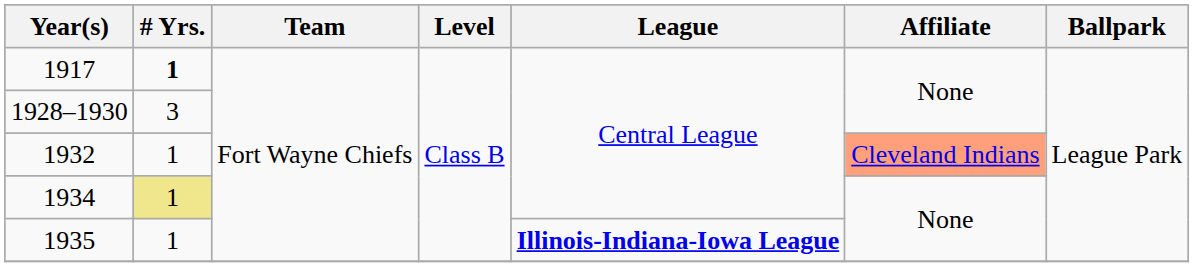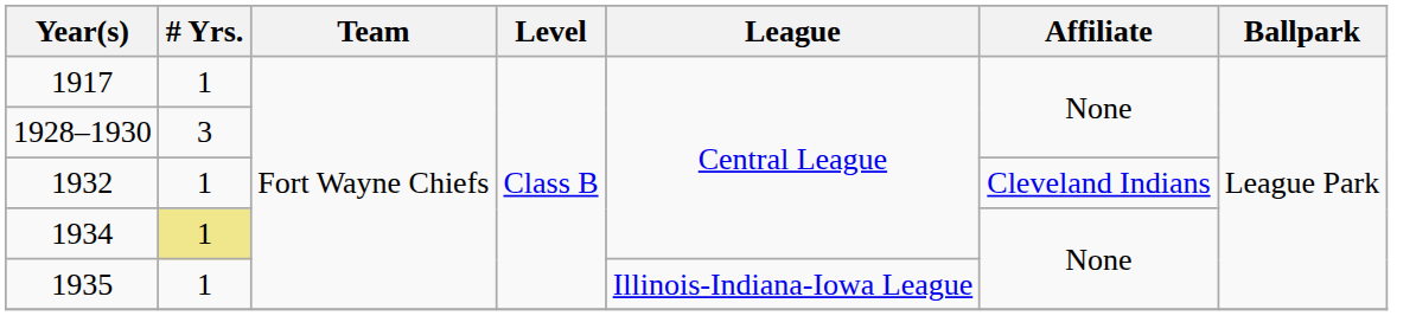 <table class="wikitable" style="text-align:center; font-size: 95%;">
 <tr>
 <th>Year(s)</th>
 <th># Yrs.</th>
 <th>Team</th>
 <th>Level</th>
 <th>League</th>
 <th>Affiliate</th>
 <th>Ballpark</th>
 </tr>
 <tr>
 <td>1917</td>
-<td><strong>1</strong></td>
+<td>1</td>
 <td rowspan=5>Fort Wayne Chiefs</td>
 <td rowspan=5><a href='#'>Class B</a></td>
 <td rowspan=4><a href='#'>Central League</a></td>
 <td rowspan=2>None</td>
 <td rowspan=5>League Park</td>
 </tr>
 <tr>
 <td>1928–1930</td>
 <td>3</td>
 </tr>
 <tr>
 <td>1932</td>
 <td>1</td>
-<td style="background: lightsalmon;"><a href='#'>Cleveland Indians</a></td>
+<td><a href='#'>Cleveland Indians</a></td>
 </tr>
 <tr>
 <td>1934</td>
 <td style="background: khaki;">1</td>
 <td rowspan=2>None</td>
 </tr>
 <tr>
 <td>1935</td>
 <td>1</td>
-<td><strong><a href='#'>Illinois-Indiana-Iowa League</a></strong></td>
+<td><a href='#'>Illinois-Indiana-Iowa League</a></td>
 </tr>
 <tr>
 </tr>
 </table>
